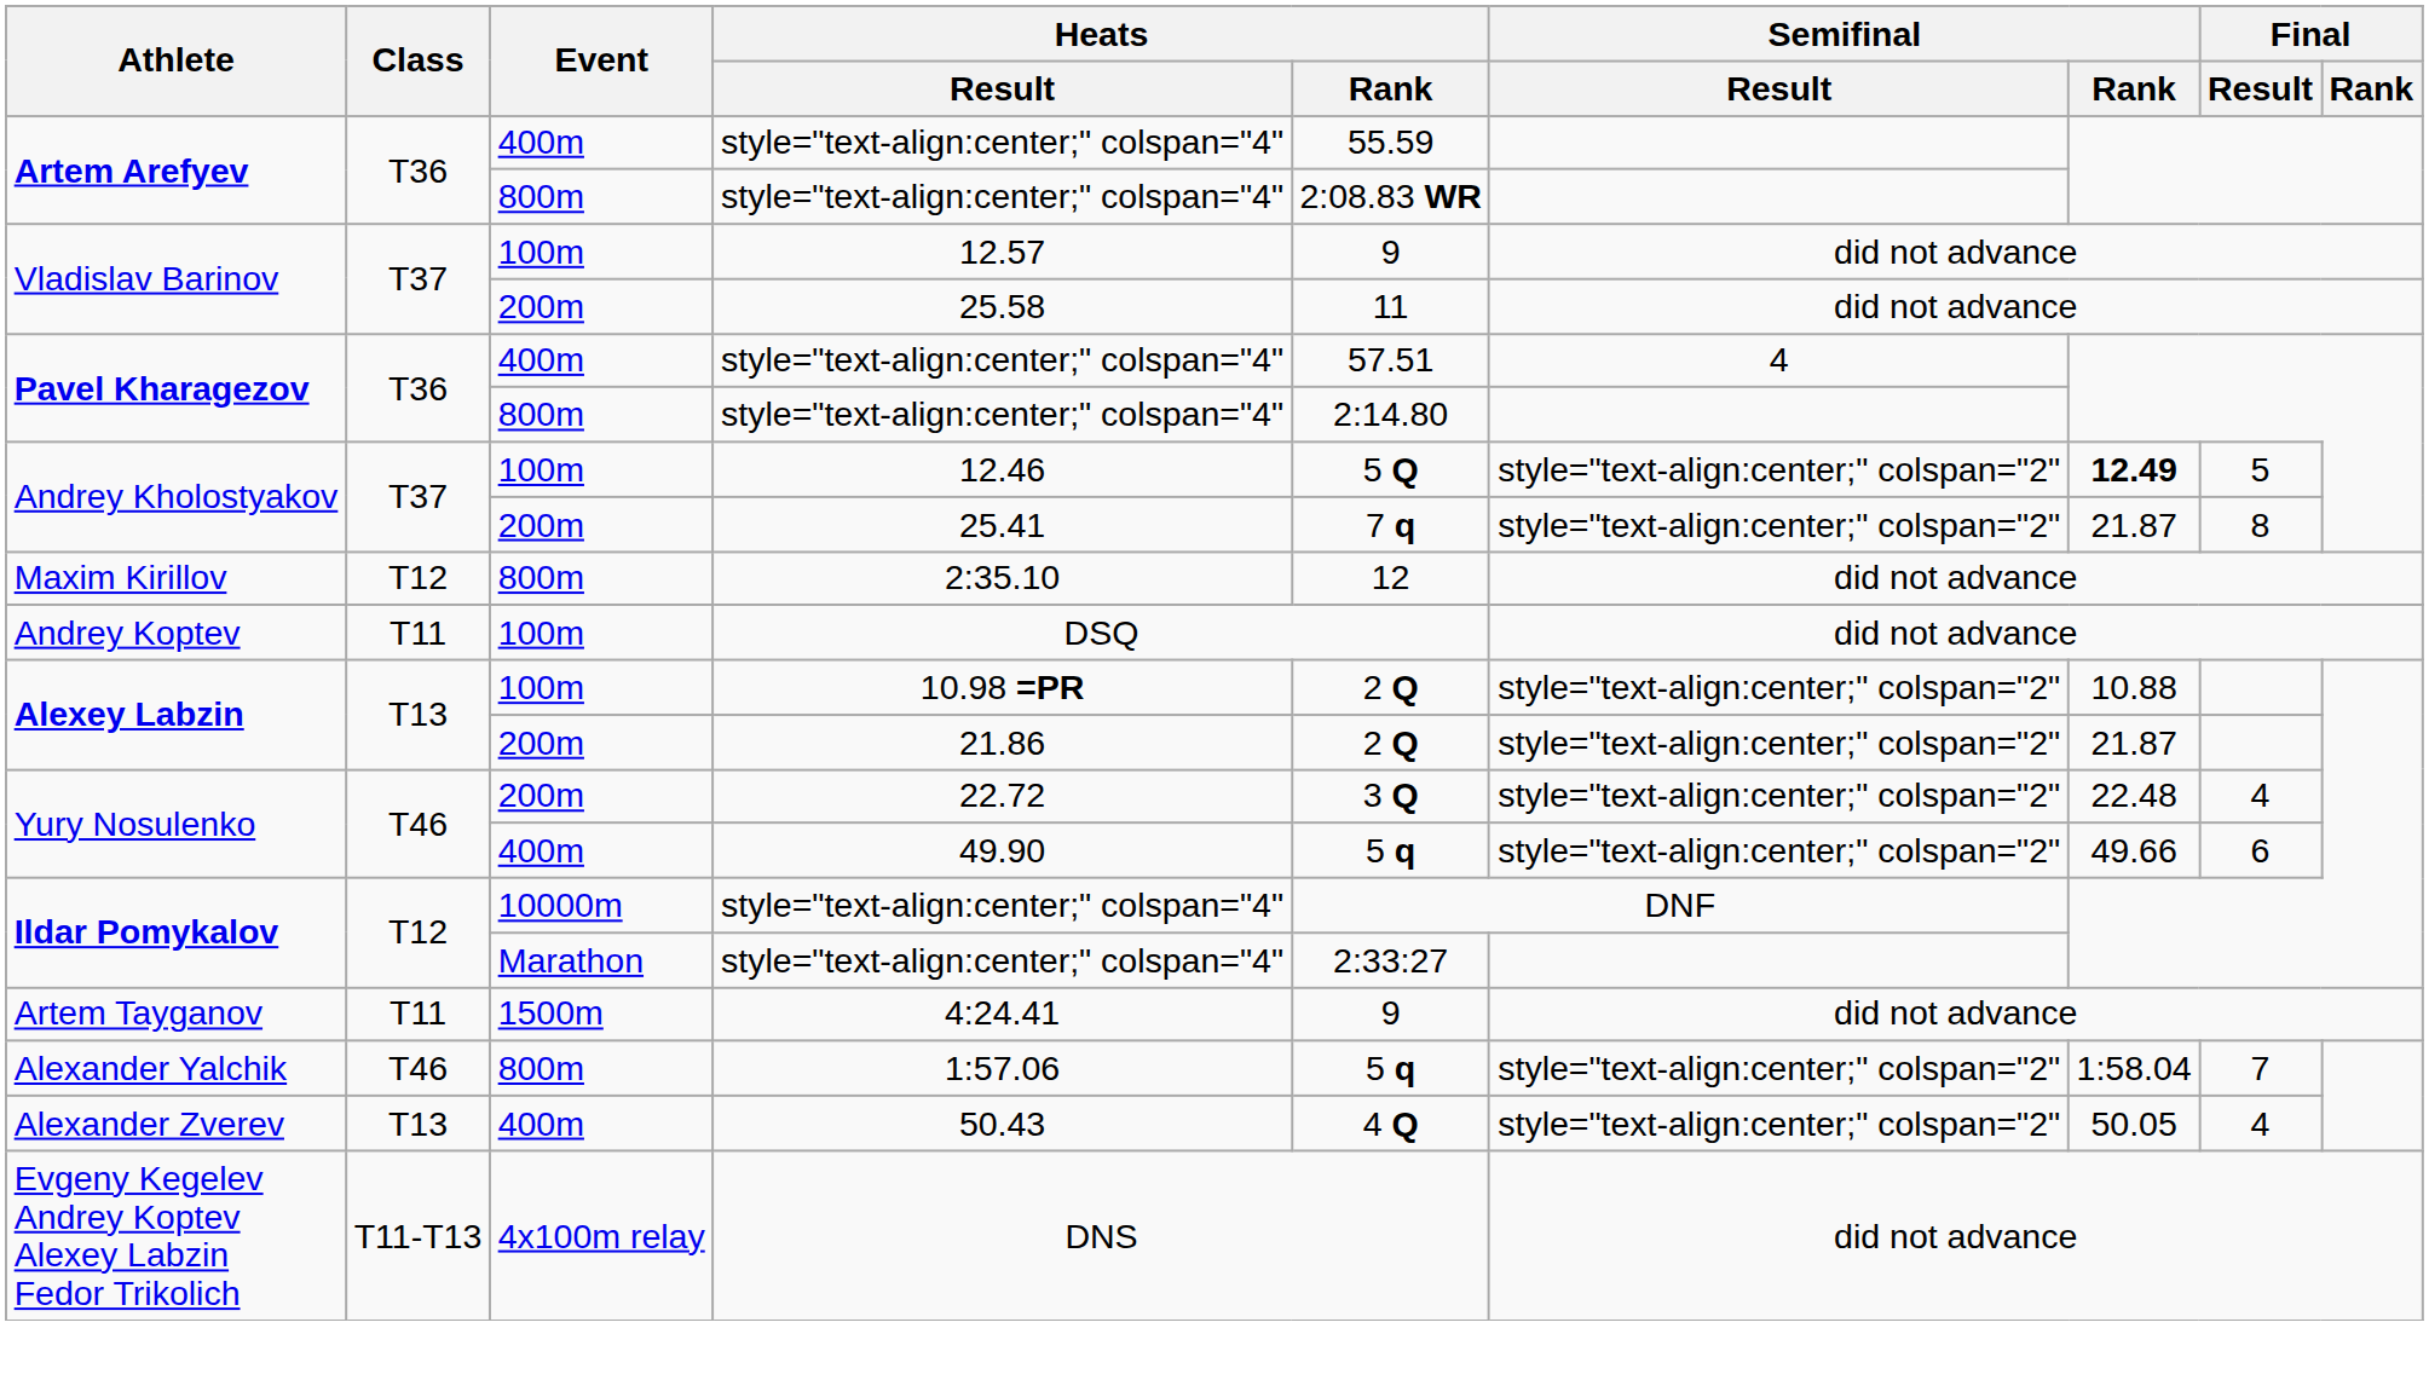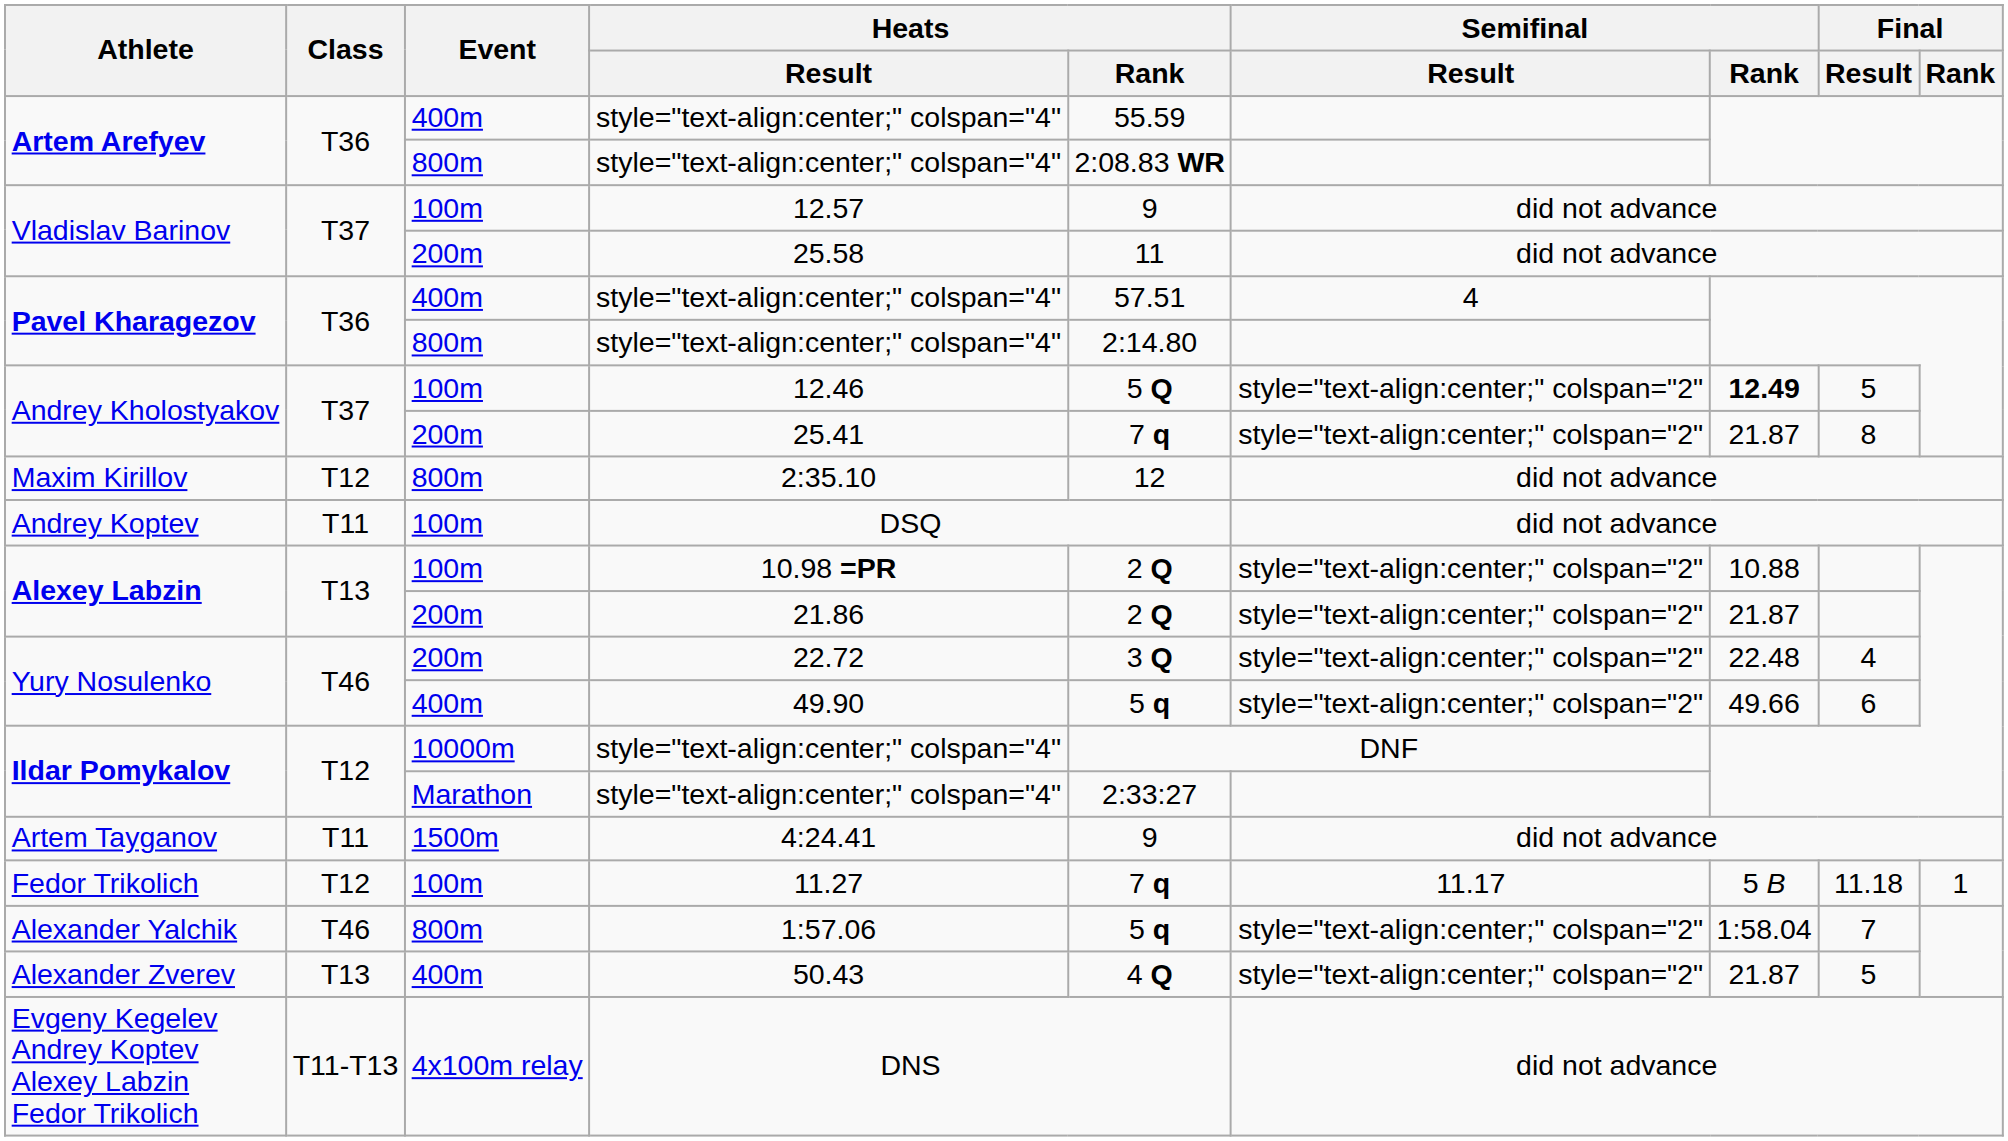 <table class=wikitable style="font-size:90%">
 <tr>
 <th rowspan="2">Athlete</th>
 <th rowspan="2">Class</th>
 <th rowspan="2">Event</th>
 <th colspan="2">Heats</th>
 <th colspan="2">Semifinal</th>
 <th colspan="2">Final</th>
 </tr>
 <tr>
 <th>Result</th>
 <th>Rank</th>
 <th>Result</th>
 <th>Rank</th>
 <th>Result</th>
 <th>Rank</th>
 </tr>
 <tr>
 <td rowspan="2"><strong><a href='#'>Artem Arefyev</a></strong></td>
 <td rowspan="2" style="text-align:center;">T36</td>
 <td><a href='#'>400m</a></td>
 <td>style="text-align:center;" colspan="4" </td>
 <td style="text-align:center;">55.59</td>
 <td style="text-align:center;"></td>
 </tr>
 <tr>
 <td><a href='#'>800m</a></td>
 <td>style="text-align:center;" colspan="4" </td>
 <td style="text-align:center;">2:08.83 <strong>WR</strong></td>
 <td style="text-align:center;"></td>
 </tr>
 <tr>
 <td rowspan="2"><a href='#'>Vladislav Barinov</a></td>
 <td rowspan="2" style="text-align:center;">T37</td>
 <td><a href='#'>100m</a></td>
 <td style="text-align:center;">12.57</td>
 <td style="text-align:center;">9</td>
 <td style="text-align:center;" colspan="4">did not advance</td>
 </tr>
 <tr>
 <td><a href='#'>200m</a></td>
 <td style="text-align:center;">25.58</td>
 <td style="text-align:center;">11</td>
 <td style="text-align:center;" colspan="4">did not advance</td>
 </tr>
 <tr>
 <td rowspan="2"><strong><a href='#'>Pavel Kharagezov</a></strong></td>
 <td rowspan="2" style="text-align:center;">T36</td>
 <td><a href='#'>400m</a></td>
 <td>style="text-align:center;" colspan="4" </td>
 <td style="text-align:center;">57.51</td>
 <td style="text-align:center;">4</td>
 </tr>
 <tr>
 <td><a href='#'>800m</a></td>
 <td>style="text-align:center;" colspan="4" </td>
 <td style="text-align:center;">2:14.80</td>
 <td style="text-align:center;"></td>
 </tr>
 <tr>
 <td rowspan="2"><a href='#'>Andrey Kholostyakov</a></td>
 <td rowspan="2" style="text-align:center;">T37</td>
 <td><a href='#'>100m</a></td>
 <td style="text-align:center;">12.46</td>
 <td style="text-align:center;">5 <strong>Q</strong></td>
 <td>style="text-align:center;" colspan="2" </td>
 <td style="text-align:center;"><strong>12.49</strong></td>
 <td style="text-align:center;">5</td>
 </tr>
 <tr>
 <td><a href='#'>200m</a></td>
 <td style="text-align:center;">25.41</td>
 <td style="text-align:center;">7 <strong>q</strong></td>
 <td>style="text-align:center;" colspan="2" </td>
 <td style="text-align:center;">21.87</td>
 <td style="text-align:center;">8</td>
 </tr>
 <tr>
 <td><a href='#'>Maxim Kirillov</a></td>
 <td style="text-align:center;">T12</td>
 <td><a href='#'>800m</a></td>
 <td style="text-align:center;">2:35.10</td>
 <td style="text-align:center;">12</td>
 <td style="text-align:center;" colspan="4">did not advance</td>
 </tr>
 <tr>
 <td><a href='#'>Andrey Koptev</a></td>
 <td style="text-align:center;">T11</td>
 <td><a href='#'>100m</a></td>
 <td style="text-align:center;" colspan="2">DSQ</td>
 <td style="text-align:center;" colspan="4">did not advance</td>
 </tr>
 <tr>
 <td rowspan="2"><strong><a href='#'>Alexey Labzin</a></strong></td>
 <td rowspan="2" style="text-align:center;">T13</td>
 <td><a href='#'>100m</a></td>
 <td style="text-align:center;">10.98 <strong>=PR</strong></td>
 <td style="text-align:center;">2 <strong>Q</strong></td>
 <td>style="text-align:center;" colspan="2" </td>
 <td style="text-align:center;">10.88</td>
 <td style="text-align:center;"></td>
 </tr>
 <tr>
 <td><a href='#'>200m</a></td>
 <td style="text-align:center;">21.86</td>
 <td style="text-align:center;">2 <strong>Q</strong></td>
 <td>style="text-align:center;" colspan="2" </td>
 <td style="text-align:center;">21.87</td>
 <td style="text-align:center;"></td>
 </tr>
 <tr>
 <td rowspan="2"><a href='#'>Yury Nosulenko</a></td>
 <td rowspan="2" style="text-align:center;">T46</td>
 <td><a href='#'>200m</a></td>
 <td style="text-align:center;">22.72</td>
 <td style="text-align:center;">3 <strong>Q</strong></td>
 <td>style="text-align:center;" colspan="2" </td>
 <td style="text-align:center;">22.48</td>
 <td style="text-align:center;">4</td>
 </tr>
 <tr>
 <td><a href='#'>400m</a></td>
 <td style="text-align:center;">49.90</td>
 <td style="text-align:center;">5 <strong>q</strong></td>
 <td>style="text-align:center;" colspan="2" </td>
 <td style="text-align:center;">49.66</td>
 <td style="text-align:center;">6</td>
 </tr>
 <tr>
 <td rowspan="2"><strong><a href='#'>Ildar Pomykalov</a></strong></td>
 <td rowspan="2" style="text-align:center;">T12</td>
 <td><a href='#'>10000m</a></td>
 <td>style="text-align:center;" colspan="4" </td>
 <td style="text-align:center;" colspan="2">DNF</td>
 </tr>
 <tr>
 <td><a href='#'>Marathon</a></td>
 <td>style="text-align:center;" colspan="4" </td>
 <td style="text-align:center;">2:33:27</td>
 <td style="text-align:center;"></td>
 </tr>
 <tr>
 <td><a href='#'>Artem Tayganov</a></td>
 <td style="text-align:center;">T11</td>
 <td><a href='#'>1500m</a></td>
 <td style="text-align:center;">4:24.41</td>
 <td style="text-align:center;">9</td>
 <td style="text-align:center;" colspan="4">did not advance</td>
 </tr>
 <tr>
+<td><a href='#'>Fedor Trikolich</a></td>
+<td style="text-align:center;">T12</td>
+<td><a href='#'>100m</a></td>
+<td style="text-align:center;">11.27</td>
+<td style="text-align:center;">7 <strong>q</strong></td>
+<td style="text-align:center;">11.17</td>
+<td style="text-align:center;">5 <em>B</em></td>
+<td style="text-align:center;">11.18</td>
+<td style="text-align:center;">1</td>
+</tr>
+<tr>
 <td><a href='#'>Alexander Yalchik</a></td>
 <td style="text-align:center;">T46</td>
 <td><a href='#'>800m</a></td>
 <td style="text-align:center;">1:57.06</td>
 <td style="text-align:center;">5 <strong>q</strong></td>
 <td>style="text-align:center;" colspan="2" </td>
 <td style="text-align:center;">1:58.04</td>
 <td style="text-align:center;">7</td>
 </tr>
 <tr>
 <td><a href='#'>Alexander Zverev</a></td>
 <td style="text-align:center;">T13</td>
 <td><a href='#'>400m</a></td>
 <td style="text-align:center;">50.43</td>
 <td style="text-align:center;">4 <strong>Q</strong></td>
 <td>style="text-align:center;" colspan="2" </td>
-<td style="text-align:center;">50.05</td>
-<td style="text-align:center;">4</td>
+<td style="text-align:center;">21.87</td>
+<td style="text-align:center;">5</td>
 </tr>
 <tr>
 <td><a href='#'>Evgeny Kegelev</a><br> <a href='#'>Andrey Koptev</a><br> <a href='#'>Alexey Labzin</a><br> <a href='#'>Fedor Trikolich</a></td>
 <td style="text-align:center;">T11-T13</td>
 <td><a href='#'>4x100m relay</a></td>
 <td style="text-align:center;" colspan="2">DNS</td>
 <td style="text-align:center;" colspan="4">did not advance</td>
 </tr>
 </table>
